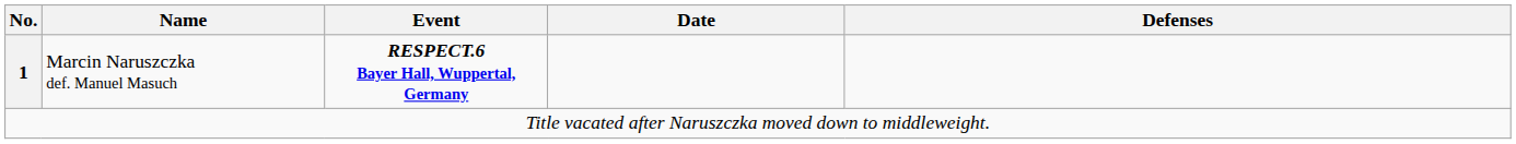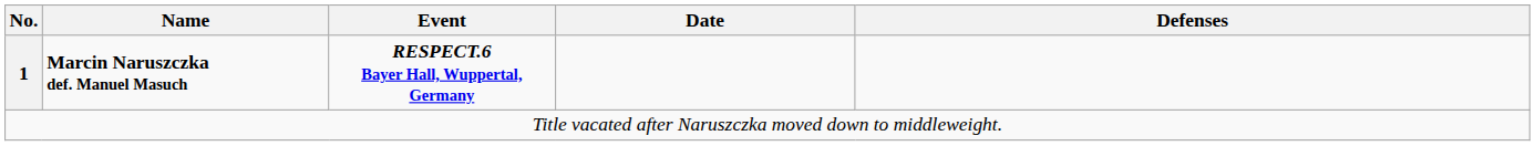 <table class="wikitable" style="width:100%;">
 <tr>
 <th style="width:1%;">No.</th>
 <th style="width:19%;">Name</th>
 <th style="width:15%;">Event</th>
 <th style="width:20%;">Date</th>
 <th style="width:45%;">Defenses</th>
 </tr>
 <tr>
 <th>1</th>
-<td align=left> Marcin Naruszczka<br><small>def. Manuel Masuch</small></td>
+<td align=left><strong> Marcin Naruszczka<br><small>def. Manuel Masuch</small></strong></td>
 <td align=center><strong><em>RESPECT.6</em><br><small><a href='#'>Bayer Hall, Wuppertal, Germany</a></small></strong></td>
 <td align=center></td>
 <td></td>
 </tr>
 <tr>
 <td style="text-align:center;" colspan="5"><em>Title vacated after Naruszczka moved down to middleweight.</em></td>
 </tr>
 </table>
